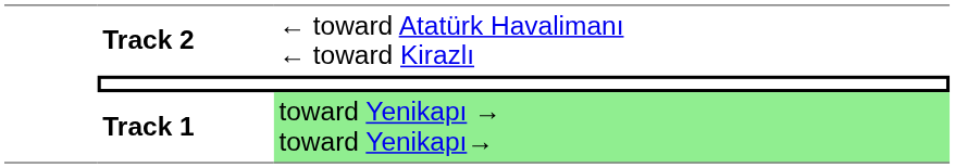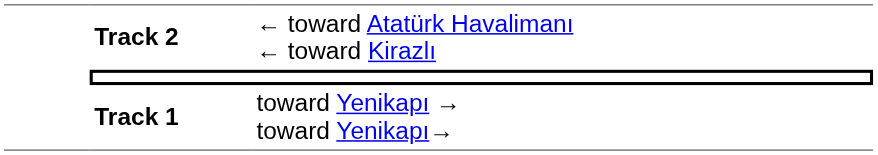 <table table border=0 cellspacing=0 cellpadding=3>
 <tr>
 <td style="border-top:solid 1px gray;border-bottom:solid 1px gray;" width=50 rowspan=3 valign=top></td>
 <td style="border-top:solid 1px gray;" width=100><strong>Track 2</strong></td>
 <td style="border-top:solid 1px gray;" width=400>←  toward <a href='#'>Atatürk Havalimanı</a><br>←  toward <a href='#'>Kirazlı</a></td>
 </tr>
 <tr>
 <td style="border-top:solid 2px black;border-right:solid 2px black;border-left:solid 2px black;border-bottom:solid 2px black;text-align:center;" colspan=2></td>
 </tr>
 <tr>
 <td style="border-bottom:solid 1px gray;"><strong>Track 1</strong></td>
-<td style="background: lightgreen; border-bottom:solid 1px gray;"> toward <a href='#'>Yenikapı</a> →<br> toward <a href='#'>Yenikapı</a>→</td>
+<td style="border-bottom:solid 1px gray;"> toward <a href='#'>Yenikapı</a> →<br> toward <a href='#'>Yenikapı</a>→</td>
 </tr>
 </table>
